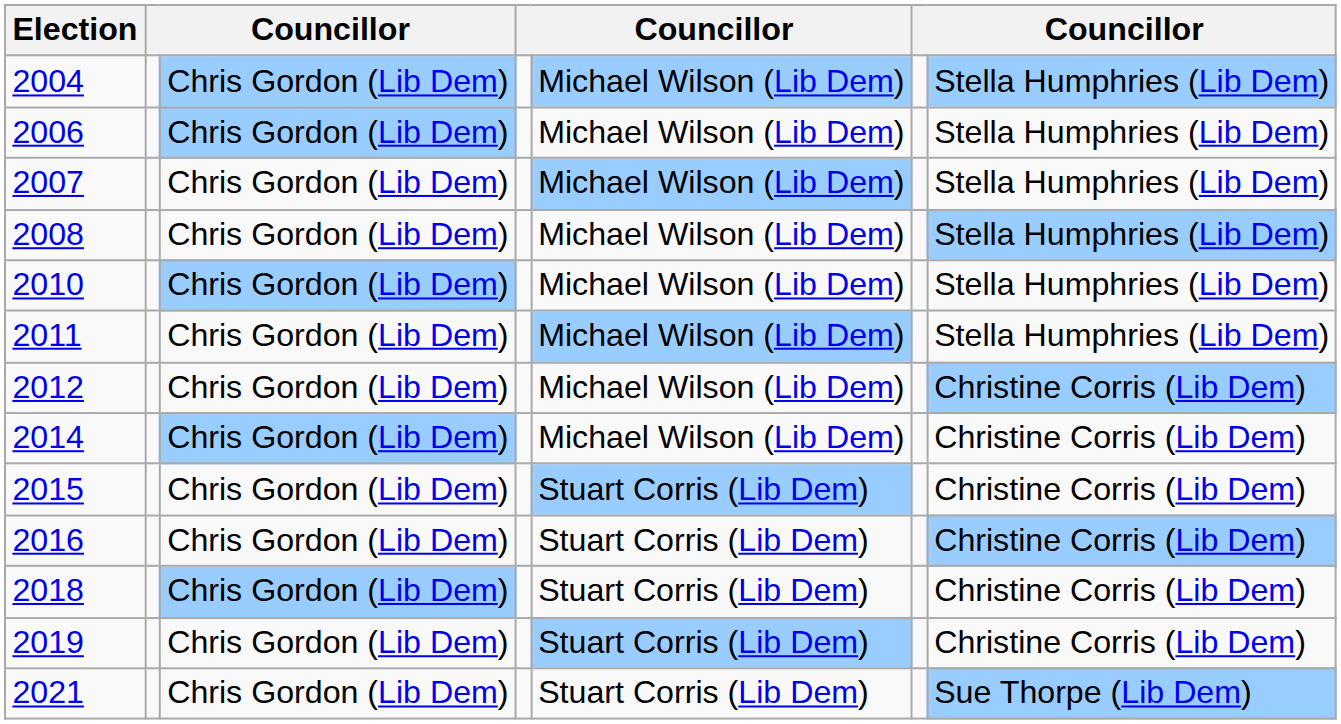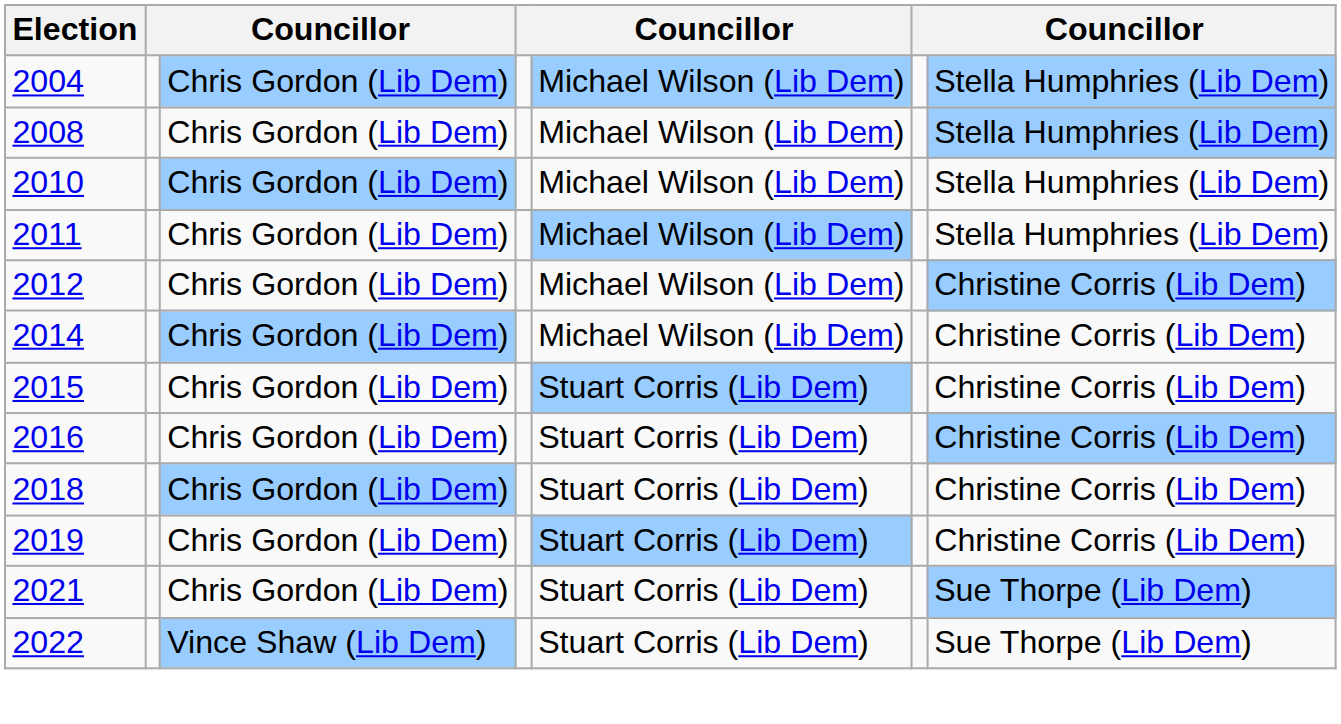 <table class="wikitable">
 <tr>
 <th>Election</th>
 <th colspan="2">Councillor</th>
 <th colspan="2">Councillor</th>
 <th colspan="2">Councillor</th>
 </tr>
 <tr>
 <td><a href='#'>2004</a></td>
 <td style="background-color: "></td>
 <td bgcolor="#99CCFF">Chris Gordon (<a href='#'>Lib Dem</a>)</td>
 <td style="background-color: "></td>
 <td bgcolor="#99CCFF">Michael Wilson (<a href='#'>Lib Dem</a>)</td>
 <td style="background-color: "></td>
 <td bgcolor="#99CCFF">Stella Humphries (<a href='#'>Lib Dem</a>)</td>
-</tr>
-<tr>
-<td><a href='#'>2006</a></td>
-<td style="background-color: "></td>
-<td bgcolor="#99CCFF">Chris Gordon (<a href='#'>Lib Dem</a>)</td>
-<td style="background-color: "></td>
-<td>Michael Wilson (<a href='#'>Lib Dem</a>)</td>
-<td style="background-color: "></td>
-<td>Stella Humphries (<a href='#'>Lib Dem</a>)</td>
-</tr>
-<tr>
-<td><a href='#'>2007</a></td>
-<td style="background-color: "></td>
-<td>Chris Gordon (<a href='#'>Lib Dem</a>)</td>
-<td style="background-color: "></td>
-<td bgcolor="#99CCFF">Michael Wilson (<a href='#'>Lib Dem</a>)</td>
-<td style="background-color: "></td>
-<td>Stella Humphries (<a href='#'>Lib Dem</a>)</td>
 </tr>
 <tr>
 <td><a href='#'>2008</a></td>
 <td style="background-color: "></td>
 <td>Chris Gordon (<a href='#'>Lib Dem</a>)</td>
 <td style="background-color: "></td>
 <td>Michael Wilson (<a href='#'>Lib Dem</a>)</td>
 <td style="background-color: "></td>
 <td bgcolor="#99CCFF">Stella Humphries (<a href='#'>Lib Dem</a>)</td>
 </tr>
 <tr>
 <td><a href='#'>2010</a></td>
 <td style="background-color: "></td>
 <td bgcolor="#99CCFF">Chris Gordon (<a href='#'>Lib Dem</a>)</td>
 <td style="background-color: "></td>
 <td>Michael Wilson (<a href='#'>Lib Dem</a>)</td>
 <td style="background-color: "></td>
 <td>Stella Humphries (<a href='#'>Lib Dem</a>)</td>
 </tr>
 <tr>
 <td><a href='#'>2011</a></td>
 <td style="background-color: "></td>
 <td>Chris Gordon (<a href='#'>Lib Dem</a>)</td>
 <td style="background-color: "></td>
 <td bgcolor="#99CCFF">Michael Wilson (<a href='#'>Lib Dem</a>)</td>
 <td style="background-color: "></td>
 <td>Stella Humphries (<a href='#'>Lib Dem</a>)</td>
 </tr>
 <tr>
 <td><a href='#'>2012</a></td>
 <td style="background-color: "></td>
 <td>Chris Gordon (<a href='#'>Lib Dem</a>)</td>
 <td style="background-color: "></td>
 <td>Michael Wilson (<a href='#'>Lib Dem</a>)</td>
 <td style="background-color: "></td>
 <td bgcolor="#99CCFF">Christine Corris (<a href='#'>Lib Dem</a>)</td>
 </tr>
 <tr>
 <td><a href='#'>2014</a></td>
 <td style="background-color: "></td>
 <td bgcolor="#99CCFF">Chris Gordon (<a href='#'>Lib Dem</a>)</td>
 <td style="background-color: "></td>
 <td>Michael Wilson (<a href='#'>Lib Dem</a>)</td>
 <td style="background-color: "></td>
 <td>Christine Corris (<a href='#'>Lib Dem</a>)</td>
 </tr>
 <tr>
 <td><a href='#'>2015</a></td>
 <td style="background-color: "></td>
 <td>Chris Gordon (<a href='#'>Lib Dem</a>)</td>
 <td style="background-color: "></td>
 <td bgcolor="#99CCFF">Stuart Corris (<a href='#'>Lib Dem</a>)</td>
 <td style="background-color: "></td>
 <td>Christine Corris (<a href='#'>Lib Dem</a>)</td>
 </tr>
 <tr>
 <td><a href='#'>2016</a></td>
 <td style="background-color: "></td>
 <td>Chris Gordon (<a href='#'>Lib Dem</a>)</td>
 <td style="background-color: "></td>
 <td>Stuart Corris (<a href='#'>Lib Dem</a>)</td>
 <td style="background-color: "></td>
 <td bgcolor="#99CCFF">Christine Corris (<a href='#'>Lib Dem</a>)</td>
 </tr>
 <tr>
 <td><a href='#'>2018</a></td>
 <td style="background-color: "></td>
 <td bgcolor="#99CCFF">Chris Gordon (<a href='#'>Lib Dem</a>)</td>
 <td style="background-color: "></td>
 <td>Stuart Corris (<a href='#'>Lib Dem</a>)</td>
 <td style="background-color: "></td>
 <td>Christine Corris (<a href='#'>Lib Dem</a>)</td>
 </tr>
 <tr>
 <td><a href='#'>2019</a></td>
 <td style="background-color: "></td>
 <td>Chris Gordon (<a href='#'>Lib Dem</a>)</td>
 <td style="background-color: "></td>
 <td bgcolor="#99CCFF">Stuart Corris (<a href='#'>Lib Dem</a>)</td>
 <td style="background-color: "></td>
 <td>Christine Corris (<a href='#'>Lib Dem</a>)</td>
 </tr>
 <tr>
 <td><a href='#'>2021</a></td>
 <td style="background-color: "></td>
 <td>Chris Gordon (<a href='#'>Lib Dem</a>)</td>
 <td style="background-color: "></td>
 <td>Stuart Corris (<a href='#'>Lib Dem</a>)</td>
 <td style="background-color: "></td>
 <td bgcolor="#99CCFF">Sue Thorpe (<a href='#'>Lib Dem</a>)</td>
 </tr>
+<tr>
+<td><a href='#'>2022</a></td>
+<td style="background-color: "></td>
+<td bgcolor="#99CCFF">Vince Shaw (<a href='#'>Lib Dem</a>)</td>
+<td style="background-color: "></td>
+<td>Stuart Corris (<a href='#'>Lib Dem</a>)</td>
+<td style="background-color: "></td>
+<td>Sue Thorpe (<a href='#'>Lib Dem</a>)</td>
+</tr>
 </table>
